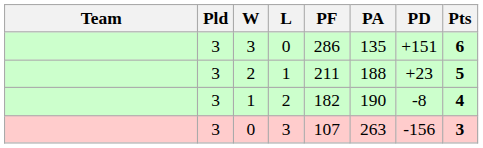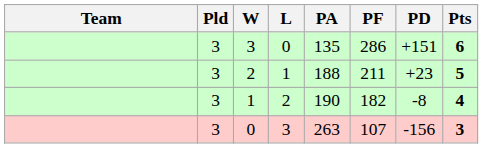 <table class="wikitable" style="text-align:center;">
 <tr>
 <th width=170>Team</th>
 <th width=25>Pld</th>
 <th width=25>W</th>
 <th width=25>L</th>
+<th width=35>PA</th>
 <th width=35>PF</th>
-<th width=35>PA</th>
 <th width=35>PD</th>
 <th width=25>Pts</th>
 </tr>
 <tr bgcolor="#ccffcc">
 <td align="left"></td>
 <td>3</td>
 <td>3</td>
 <td>0</td>
+<td>135</td>
 <td>286</td>
-<td>135</td>
 <td>+151</td>
 <td><strong>6</strong></td>
 </tr>
 <tr bgcolor="#ccffcc">
 <td align="left"></td>
 <td>3</td>
 <td>2</td>
 <td>1</td>
+<td>188</td>
 <td>211</td>
-<td>188</td>
 <td>+23</td>
 <td><strong>5</strong></td>
 </tr>
 <tr bgcolor="#ccffcc">
 <td align="left"></td>
 <td>3</td>
 <td>1</td>
 <td>2</td>
+<td>190</td>
 <td>182</td>
-<td>190</td>
 <td>-8</td>
 <td><strong>4</strong></td>
 </tr>
 <tr bgcolor=ffcccc>
 <td align="left"></td>
 <td>3</td>
 <td>0</td>
 <td>3</td>
+<td>263</td>
 <td>107</td>
-<td>263</td>
 <td>-156</td>
 <td><strong>3</strong></td>
 </tr>
 </table>
